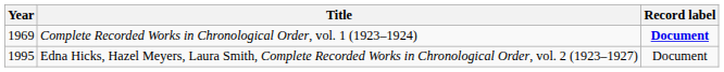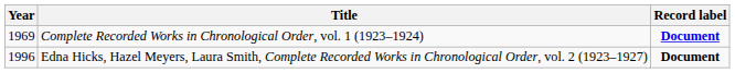 <table class="wikitable sortable">
 <tr>
 <th>Year</th>
 <th>Title</th>
 <th>Record label</th>
 </tr>
 <tr>
 <td>1969</td>
 <td><em>Complete Recorded Works in Chronological Order</em>, vol. 1 (1923–1924)</td>
 <td style="text-align:center;"><strong><a href='#'>Document</a></strong></td>
 </tr>
 <tr>
-<td>1995</td>
+<td>1996</td>
 <td>Edna Hicks, Hazel Meyers, Laura Smith, <em>Complete Recorded Works in Chronological Order</em>, vol. 2 (1923–1927)</td>
-<td style="text-align:center;">Document</td>
+<td style="text-align:center;"><strong>Document</strong></td>
 </tr>
 </table>
